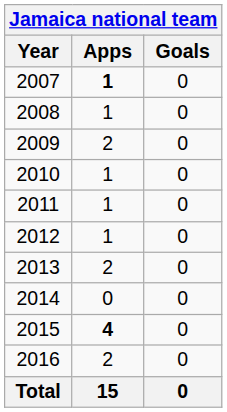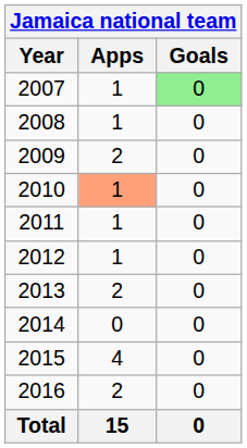 <table class="wikitable" style="text-align:center">
 <tr>
 <th colspan=3><a href='#'>Jamaica national team</a></th>
 </tr>
 <tr>
 <th>Year</th>
 <th>Apps</th>
 <th>Goals</th>
 </tr>
 <tr>
 <td>2007</td>
-<td><strong>1</strong></td>
-<td>0</td>
+<td>1</td>
+<td style="background: lightgreen;">0</td>
 </tr>
 <tr>
 <td>2008</td>
 <td>1</td>
 <td>0</td>
 </tr>
 <tr>
 <td>2009</td>
 <td>2</td>
 <td>0</td>
 </tr>
 <tr>
 <td>2010</td>
-<td>1</td>
+<td style="background: lightsalmon;">1</td>
 <td>0</td>
 </tr>
 <tr>
 <td>2011</td>
 <td>1</td>
 <td>0</td>
 </tr>
 <tr>
 <td>2012</td>
 <td>1</td>
 <td>0</td>
 </tr>
 <tr>
 <td>2013</td>
 <td>2</td>
 <td>0</td>
 </tr>
 <tr>
 <td>2014</td>
 <td>0</td>
 <td>0</td>
 </tr>
 <tr>
 <td>2015</td>
-<td><strong>4</strong></td>
+<td>4</td>
 <td>0</td>
 </tr>
 <tr>
 <td>2016</td>
 <td>2</td>
 <td>0</td>
 </tr>
 <tr>
 <th>Total</th>
 <th>15</th>
 <th>0</th>
 </tr>
 </table>
